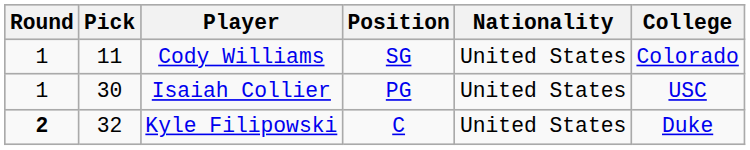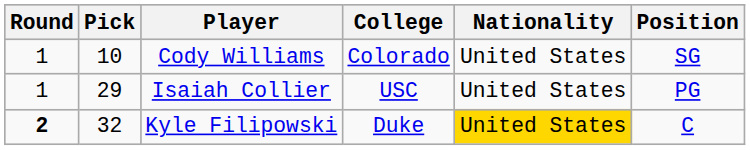 <table class="wikitable sortable sortable">
 <tr>
 <th>Round</th>
 <th>Pick</th>
 <th>Player</th>
+<th>College</th>
+<th>Nationality</th>
 <th>Position</th>
-<th>Nationality</th>
-<th>College</th>
 </tr>
 <tr style="text-align: center">
 <td>1</td>
-<td>11</td>
+<td>10</td>
 <td><a href='#'>Cody Williams</a></td>
+<td><a href='#'>Colorado</a></td>
+<td> United States</td>
 <td><a href='#'>SG</a></td>
-<td> United States</td>
-<td><a href='#'>Colorado</a></td>
 </tr>
 <tr style="text-align: center">
 <td>1</td>
-<td>30</td>
+<td>29</td>
 <td><a href='#'>Isaiah Collier</a></td>
+<td><a href='#'>USC</a></td>
+<td> United States</td>
 <td><a href='#'>PG</a></td>
-<td> United States</td>
-<td><a href='#'>USC</a></td>
 </tr>
 <tr style="text-align: center">
 <td><strong>2</strong></td>
 <td>32</td>
 <td><a href='#'>Kyle Filipowski</a></td>
+<td><a href='#'>Duke</a></td>
+<td style="background: gold;"> United States</td>
 <td><a href='#'>C</a></td>
-<td> United States</td>
-<td><a href='#'>Duke</a></td>
 </tr>
 </table>
